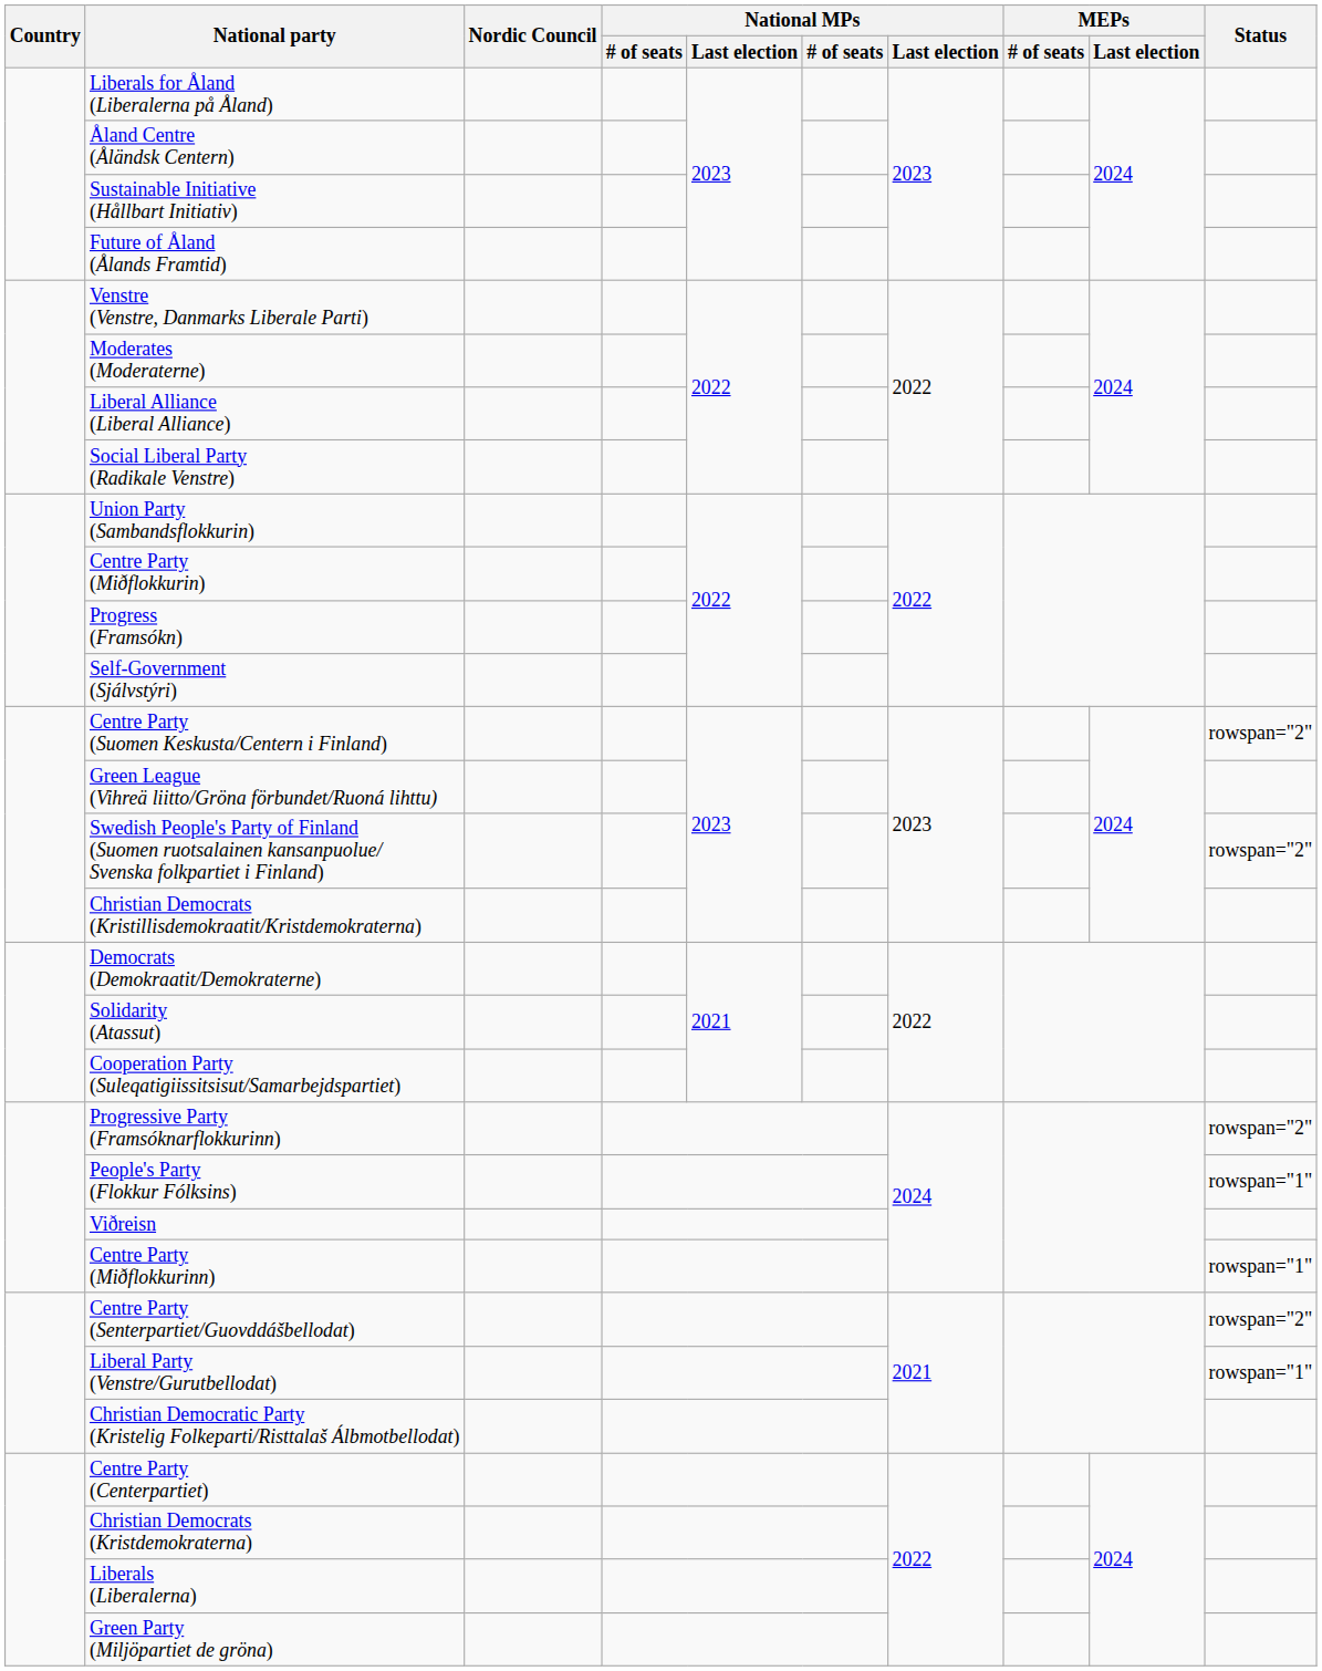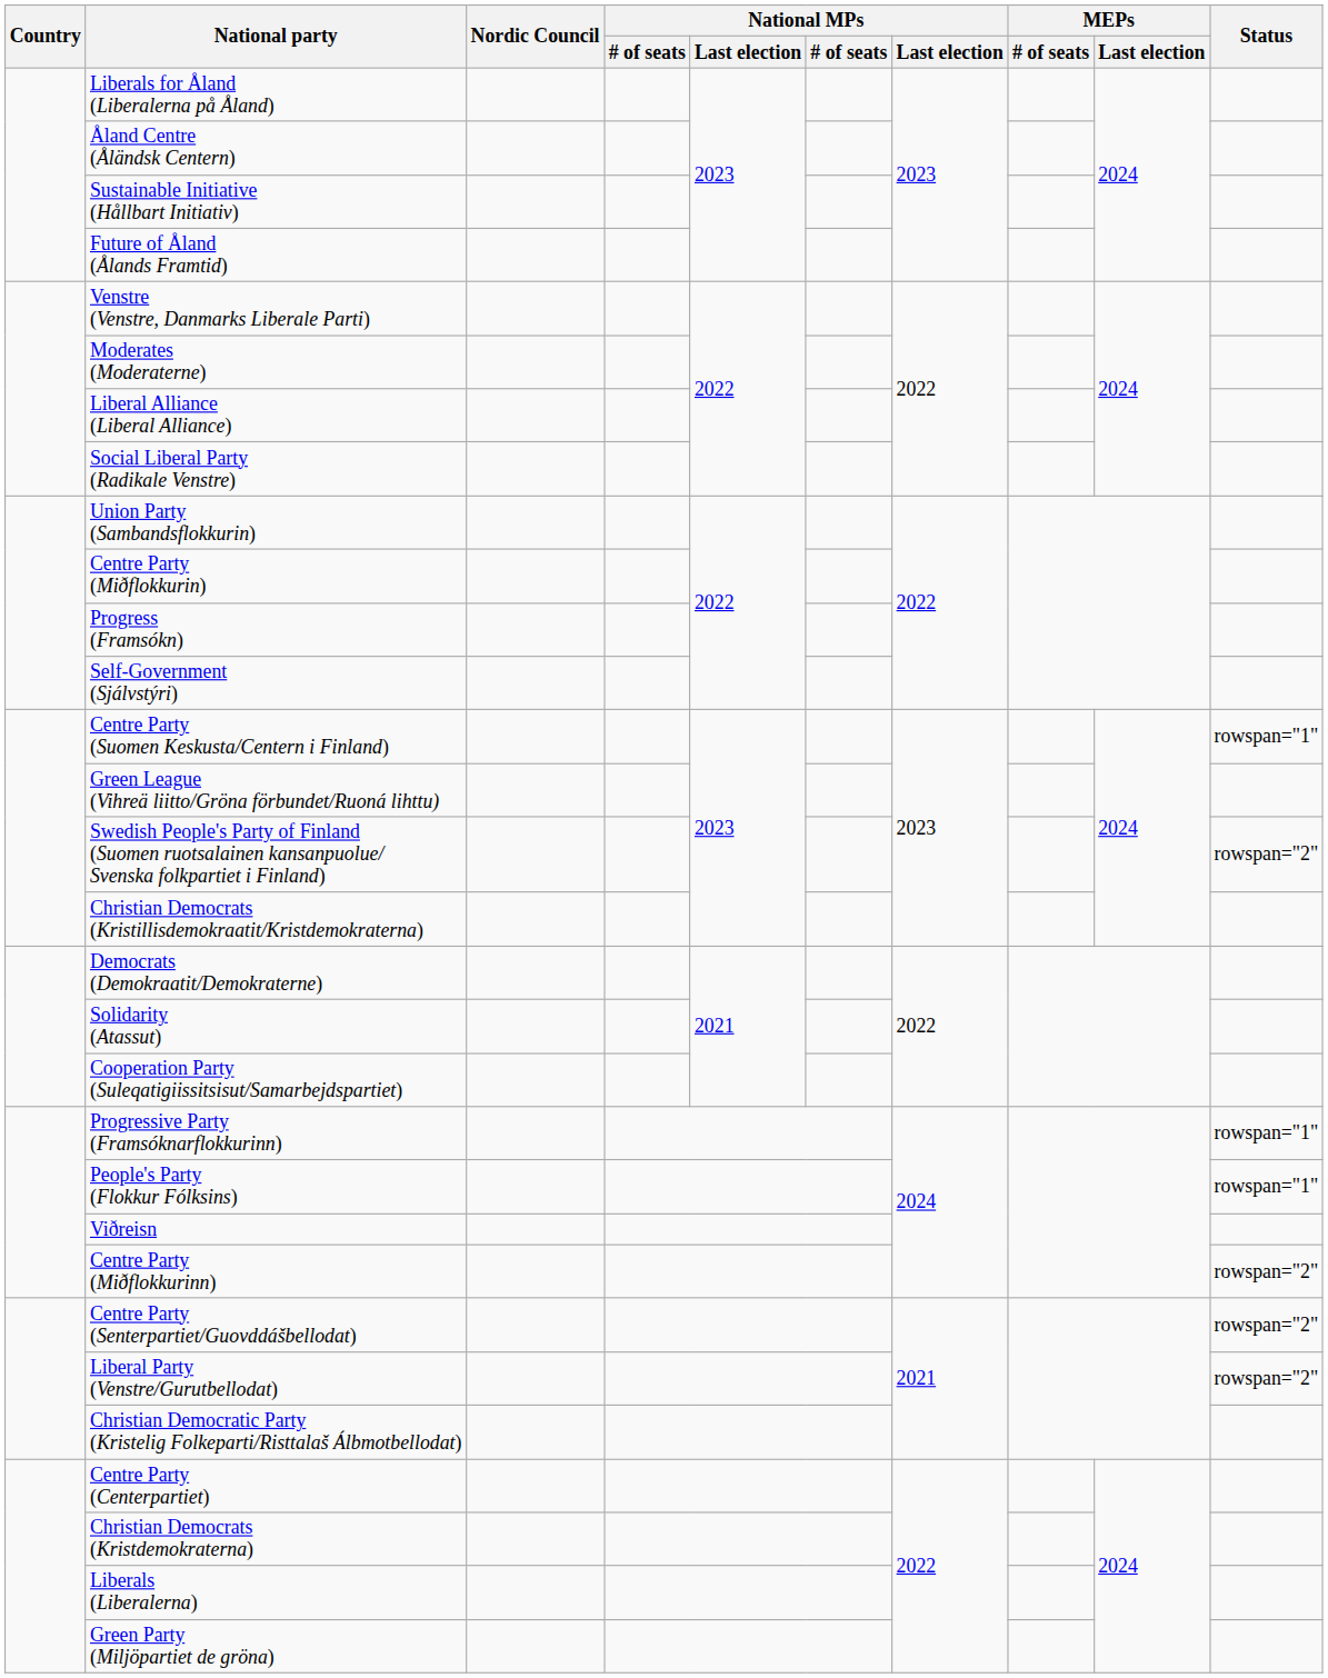 <table class="wikitable">
 <tr>
 <th rowspan=2>Country</th>
 <th rowspan=2>National party</th>
 <th rowspan=2>Nordic Council</th>
 <th colspan=4>National MPs</th>
 <th colspan=2>MEPs</th>
 <th rowspan=2>Status</th>
 </tr>
 <tr>
 <th># of seats</th>
 <th>Last election</th>
 <th># of seats</th>
 <th>Last election</th>
 <th># of seats</th>
 <th>Last election</th>
 </tr>
 <tr>
 <td rowspan="4"></td>
 <td><a href='#'>Liberals for Åland</a><br>(<em>Liberalerna på Åland</em>)</td>
 <td></td>
 <td></td>
 <td rowspan="4"><a href='#'>2023</a></td>
 <td><small></small></td>
 <td rowspan="4"><a href='#'>2023</a></td>
 <td></td>
 <td rowspan="4"><a href='#'>2024</a></td>
 <td></td>
 </tr>
 <tr>
 <td><a href='#'>Åland Centre</a><br>(<em>Åländsk Centern</em>)</td>
 <td></td>
 <td></td>
 <td><small></small></td>
 <td></td>
 <td></td>
 </tr>
 <tr>
 <td><a href='#'>Sustainable Initiative</a><br>(<em>Hållbart Initiativ</em>)</td>
 <td></td>
 <td></td>
 <td><small></small></td>
 <td></td>
 <td></td>
 </tr>
 <tr>
 <td><a href='#'>Future of Åland</a><br>(<em>Ålands Framtid</em>)</td>
 <td></td>
 <td></td>
 <td><small></small></td>
 <td></td>
 <td></td>
 </tr>
 <tr>
 <td rowspan="4"></td>
 <td><a href='#'>Venstre</a><br>(<em>Venstre, Danmarks Liberale Parti</em>)</td>
 <td></td>
 <td></td>
 <td rowspan="4"><a href='#'>2022</a></td>
 <td></td>
 <td rowspan="4">2022</td>
 <td></td>
 <td rowspan="4"><a href='#'>2024</a></td>
 <td></td>
 </tr>
 <tr>
 <td><a href='#'>Moderates</a><br>(<em>Moderaterne</em>)</td>
 <td></td>
 <td></td>
 <td></td>
 <td></td>
 <td></td>
 </tr>
 <tr>
 <td><a href='#'>Liberal Alliance</a><br>(<em>Liberal Alliance</em>)</td>
 <td></td>
 <td></td>
 <td></td>
 <td></td>
 <td></td>
 </tr>
 <tr>
 <td><a href='#'>Social Liberal Party</a><br>(<em>Radikale Venstre</em>)</td>
 <td></td>
 <td></td>
 <td></td>
 <td></td>
 <td></td>
 </tr>
 <tr>
 <td rowspan="4"></td>
 <td><a href='#'>Union Party</a><br>(<em>Sambandsflokkurin</em>)</td>
 <td></td>
 <td></td>
 <td rowspan="4"><a href='#'>2022</a></td>
 <td><small></small></td>
 <td rowspan="4"><a href='#'>2022</a></td>
 <td rowspan="4" colspan=2></td>
 <td></td>
 </tr>
 <tr>
 <td><a href='#'>Centre Party</a><br>(<em>Miðflokkurin</em>)</td>
 <td></td>
 <td></td>
 <td><small></small></td>
 <td></td>
 </tr>
 <tr>
 <td><a href='#'>Progress</a><br>(<em>Framsókn</em>)</td>
 <td></td>
 <td></td>
 <td><small></small></td>
 <td></td>
 </tr>
 <tr>
 <td><a href='#'>Self-Government</a><br>(<em>Sjálvstýri</em>)</td>
 <td></td>
 <td></td>
 <td><small></small></td>
 <td></td>
 </tr>
 <tr>
 <td rowspan="4"></td>
 <td><a href='#'>Centre Party</a><br>(<em>Suomen Keskusta/Centern i Finland</em>)</td>
 <td></td>
 <td></td>
 <td rowspan="4"><a href='#'>2023</a></td>
 <td></td>
 <td rowspan="4">2023</td>
 <td></td>
 <td rowspan="4"><a href='#'>2024</a></td>
-<td>rowspan="2" </td>
+<td>rowspan="1" </td>
 </tr>
 <tr>
 <td><a href='#'>Green League</a><br>(<em>Vihreä liitto/Gröna förbundet/Ruoná lihttu)</em></td>
 <td></td>
 <td></td>
 <td></td>
 <td></td>
 </tr>
 <tr>
 <td><a href='#'>Swedish People's Party of Finland</a><br>(<em>Suomen ruotsalainen kansanpuolue/<br>Svenska folkpartiet i Finland</em>)</td>
 <td></td>
 <td></td>
 <td></td>
 <td></td>
 <td>rowspan="2" </td>
 </tr>
 <tr>
 <td><a href='#'>Christian Democrats</a><br>(<em>Kristillisdemokraatit/Kristdemokraterna</em>)</td>
 <td></td>
 <td></td>
 <td></td>
 <td></td>
 </tr>
 <tr>
 <td rowspan="3"></td>
 <td><a href='#'>Democrats</a><br>(<em>Demokraatit/Demokraterne</em>)</td>
 <td></td>
 <td></td>
 <td rowspan="3"><a href='#'>2021</a></td>
 <td><small></small></td>
 <td rowspan="3">2022</td>
 <td rowspan="3" colspan=2></td>
 <td></td>
 </tr>
 <tr>
 <td><a href='#'>Solidarity</a><br>(<em>Atassut</em>)</td>
 <td></td>
 <td></td>
 <td><small></small></td>
 <td></td>
 </tr>
 <tr>
 <td><a href='#'>Cooperation Party</a><br>(<em>Suleqatigiissitsisut/Samarbejdspartiet</em>)</td>
 <td></td>
 <td></td>
 <td><small></small></td>
 <td></td>
 </tr>
 <tr>
 <td rowspan="4"></td>
 <td><a href='#'>Progressive Party</a><br>(<em>Framsóknarflokkurinn</em>)</td>
 <td></td>
 <td colspan=3></td>
 <td rowspan="4"><a href='#'>2024</a></td>
 <td colspan="2" rowspan="4"></td>
-<td>rowspan="2" </td>
+<td>rowspan="1" </td>
 </tr>
 <tr>
 <td><a href='#'>People's Party</a><br>(<em>Flokkur Fólksins</em>)</td>
 <td></td>
 <td colspan=3></td>
 <td>rowspan="1" </td>
 </tr>
 <tr>
 <td><a href='#'>Viðreisn</a></td>
 <td></td>
 <td colspan=3></td>
 </tr>
 <tr>
 <td><a href='#'>Centre Party</a><br>(<em>Miðflokkurinn</em>)</td>
 <td></td>
 <td colspan=3></td>
-<td>rowspan="1" </td>
+<td>rowspan="2" </td>
 </tr>
 <tr>
 <td rowspan="3"></td>
 <td><a href='#'>Centre Party</a><br>(<em>Senterpartiet/Guovddášbellodat</em>)</td>
 <td></td>
 <td colspan=3></td>
 <td rowspan="3"><a href='#'>2021</a></td>
 <td rowspan="3" colspan=2></td>
 <td>rowspan="2" </td>
 </tr>
 <tr>
 <td><a href='#'>Liberal Party</a><br>(<em>Venstre/Gurutbellodat</em>)</td>
 <td></td>
 <td colspan=3></td>
-<td>rowspan="1" </td>
+<td>rowspan="2" </td>
 </tr>
 <tr>
 <td><a href='#'>Christian Democratic Party</a><br>(<em>Kristelig Folkeparti/Risttalaš Álbmotbellodat</em>)</td>
 <td></td>
 <td colspan=3></td>
 </tr>
 <tr>
 <td rowspan="4"></td>
 <td><a href='#'>Centre Party</a><br>(<em>Centerpartiet</em>)</td>
 <td></td>
 <td colspan=3></td>
 <td rowspan=4><a href='#'>2022</a></td>
 <td></td>
 <td rowspan="4"><a href='#'>2024</a></td>
 <td></td>
 </tr>
 <tr>
 <td><a href='#'>Christian Democrats</a><br>(<em>Kristdemokraterna</em>)</td>
 <td></td>
 <td colspan=3></td>
 <td></td>
 <td></td>
 </tr>
 <tr>
 <td><a href='#'>Liberals</a><br>(<em>Liberalerna</em>)</td>
 <td></td>
 <td colspan=3></td>
 <td></td>
 <td></td>
 </tr>
 <tr>
 <td><a href='#'>Green Party</a><br>(<em>Miljöpartiet de gröna</em>)</td>
 <td></td>
 <td colspan=3></td>
 <td></td>
 <td></td>
 </tr>
 </table>
